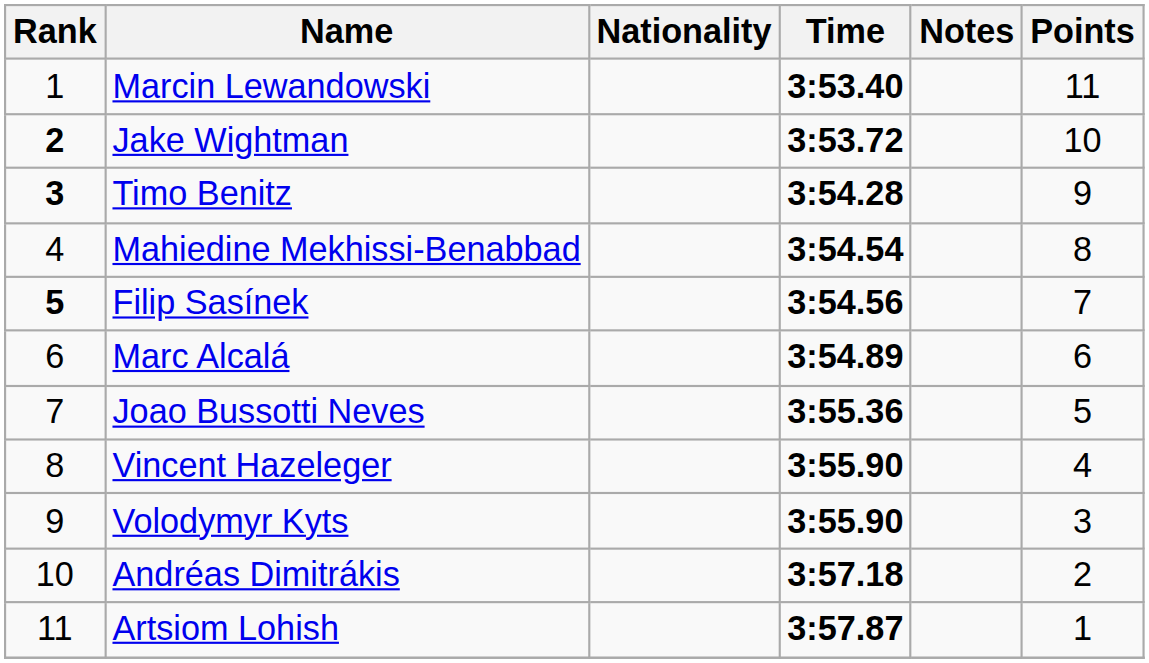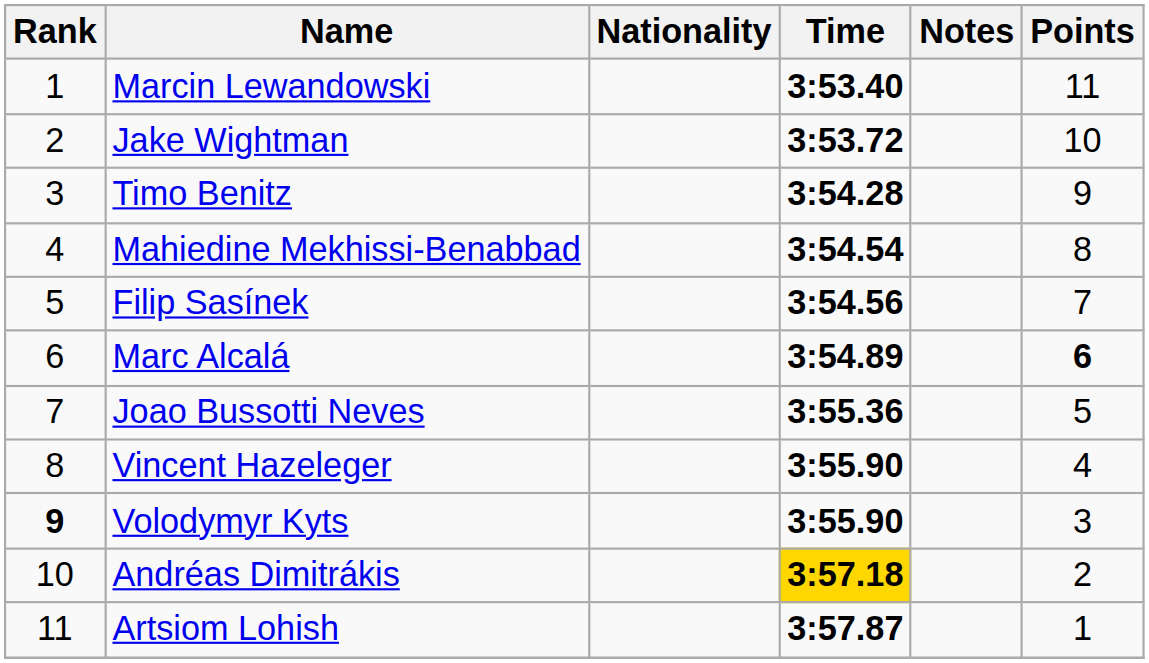 <table class="wikitable sortable" style="text-align:center">
 <tr>
 <th>Rank</th>
 <th>Name</th>
 <th>Nationality</th>
 <th>Time</th>
 <th>Notes</th>
 <th>Points</th>
 </tr>
 <tr>
 <td>1</td>
 <td align=left><a href='#'>Marcin Lewandowski</a></td>
 <td align=left></td>
 <td><strong>3:53.40</strong></td>
 <td></td>
 <td>11</td>
 </tr>
 <tr>
-<td><strong>2</strong></td>
+<td>2</td>
 <td align=left><a href='#'>Jake Wightman</a></td>
 <td align=left></td>
 <td><strong>3:53.72</strong></td>
 <td></td>
 <td>10</td>
 </tr>
 <tr>
-<td><strong>3</strong></td>
+<td>3</td>
 <td align=left><a href='#'>Timo Benitz</a></td>
 <td align=left></td>
 <td><strong>3:54.28</strong></td>
 <td></td>
 <td>9</td>
 </tr>
 <tr>
 <td>4</td>
 <td align=left><a href='#'>Mahiedine Mekhissi-Benabbad</a></td>
 <td align=left></td>
 <td><strong>3:54.54</strong></td>
 <td></td>
 <td>8</td>
 </tr>
 <tr>
-<td><strong>5</strong></td>
+<td>5</td>
 <td align=left><a href='#'>Filip Sasínek</a></td>
 <td align=left></td>
 <td><strong>3:54.56</strong></td>
 <td></td>
 <td>7</td>
 </tr>
 <tr>
 <td>6</td>
 <td align=left><a href='#'>Marc Alcalá</a></td>
 <td align=left></td>
 <td><strong>3:54.89</strong></td>
 <td></td>
-<td>6</td>
+<td><strong>6</strong></td>
 </tr>
 <tr>
 <td>7</td>
 <td align=left><a href='#'>Joao Bussotti Neves</a></td>
 <td align=left></td>
 <td><strong>3:55.36</strong></td>
 <td></td>
 <td>5</td>
 </tr>
 <tr>
 <td>8</td>
 <td align=left><a href='#'>Vincent Hazeleger</a></td>
 <td align=left></td>
 <td><strong>3:55.90</strong></td>
 <td></td>
 <td>4</td>
 </tr>
 <tr>
-<td>9</td>
+<td><strong>9</strong></td>
 <td align=left><a href='#'>Volodymyr Kyts</a></td>
 <td align=left></td>
 <td><strong>3:55.90</strong></td>
 <td></td>
 <td>3</td>
 </tr>
 <tr>
 <td>10</td>
 <td align=left><a href='#'>Andréas Dimitrákis</a></td>
 <td align=left></td>
-<td><strong>3:57.18</strong></td>
+<td style="background: gold;"><strong>3:57.18</strong></td>
 <td></td>
 <td>2</td>
 </tr>
 <tr>
 <td>11</td>
 <td align=left><a href='#'>Artsiom Lohish</a></td>
 <td align=left></td>
 <td><strong>3:57.87</strong></td>
 <td></td>
 <td>1</td>
 </tr>
 <tr>
 </tr>
 </table>
